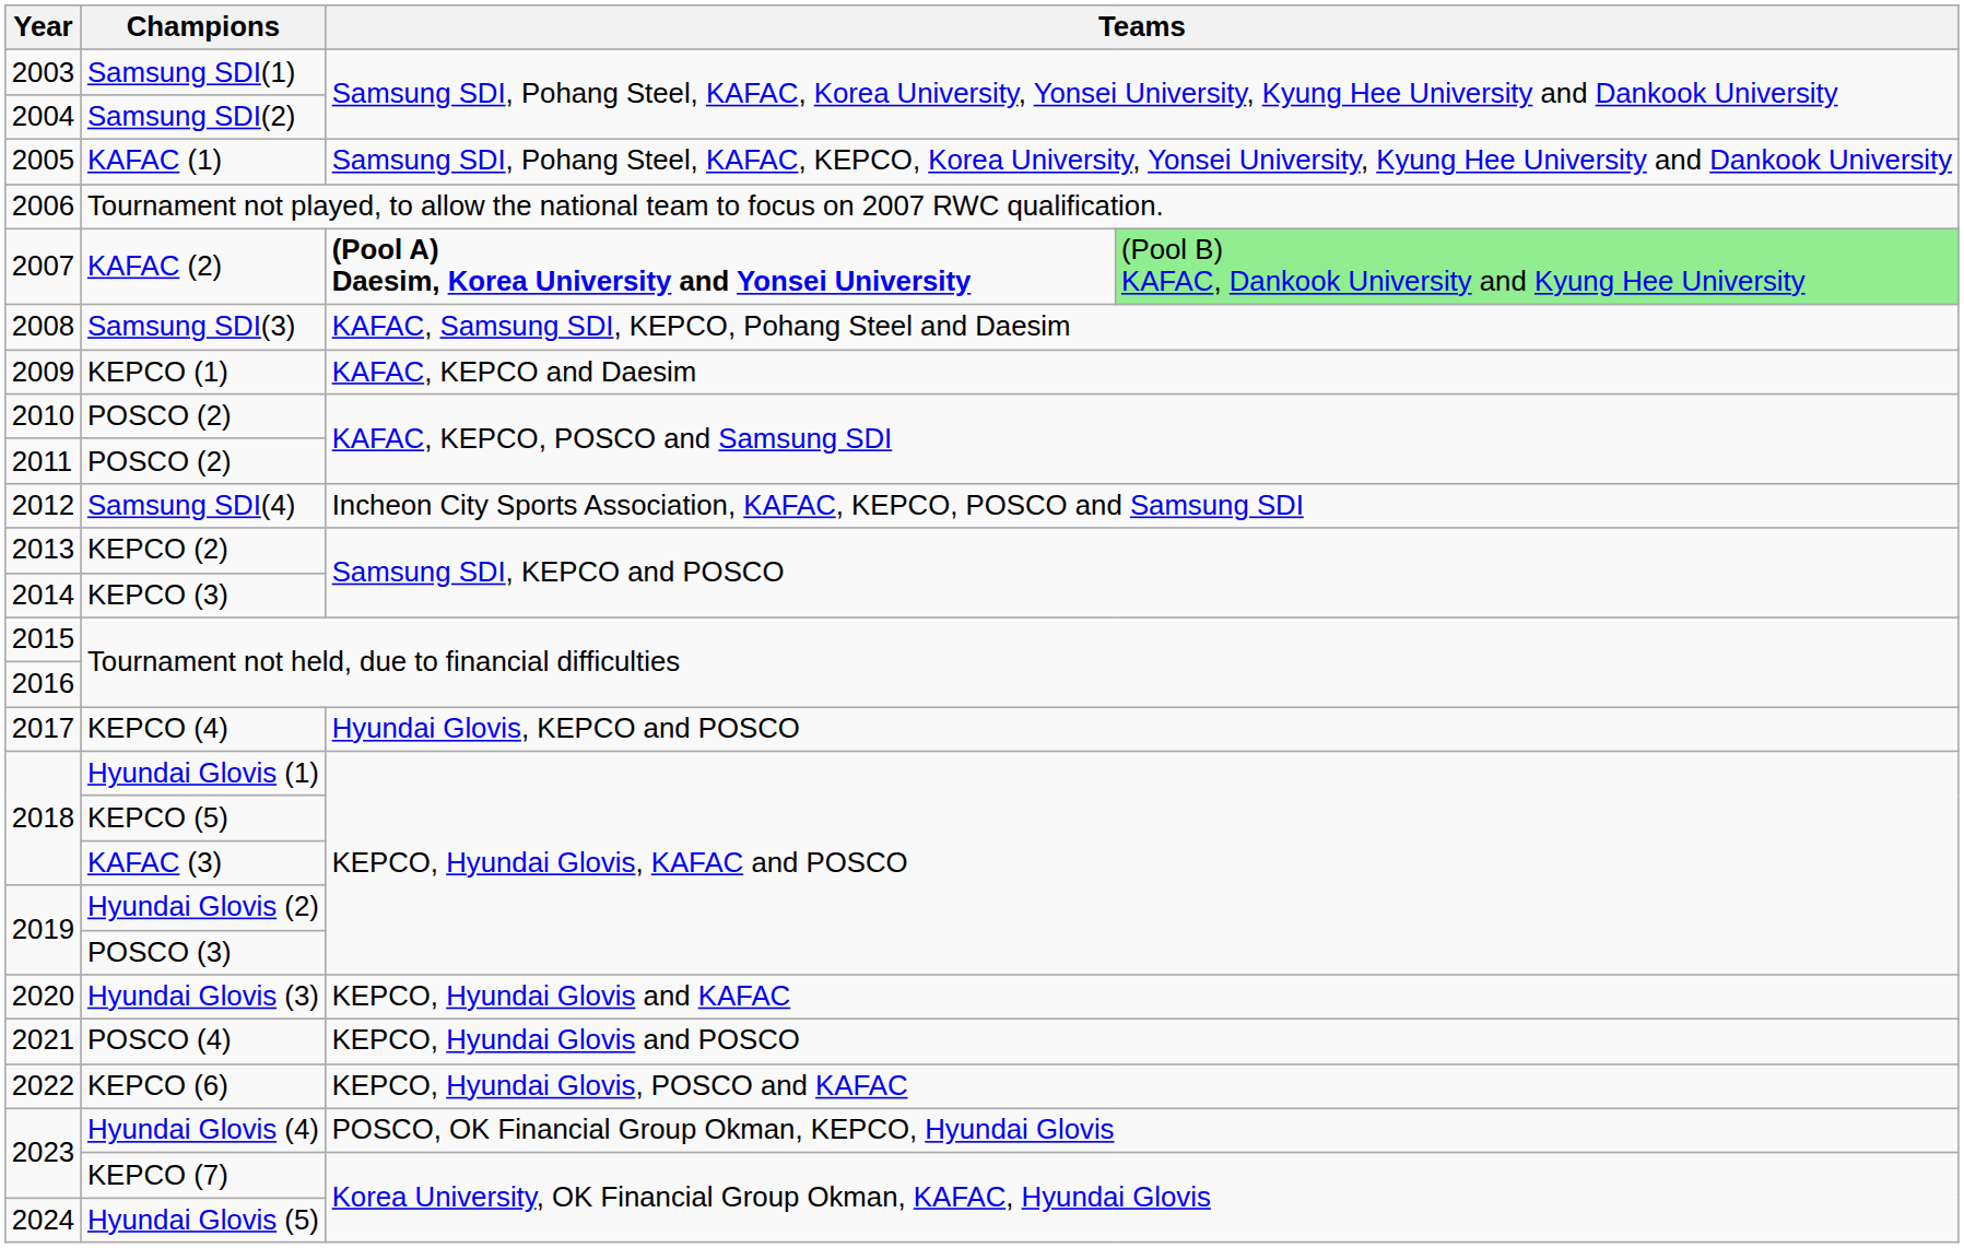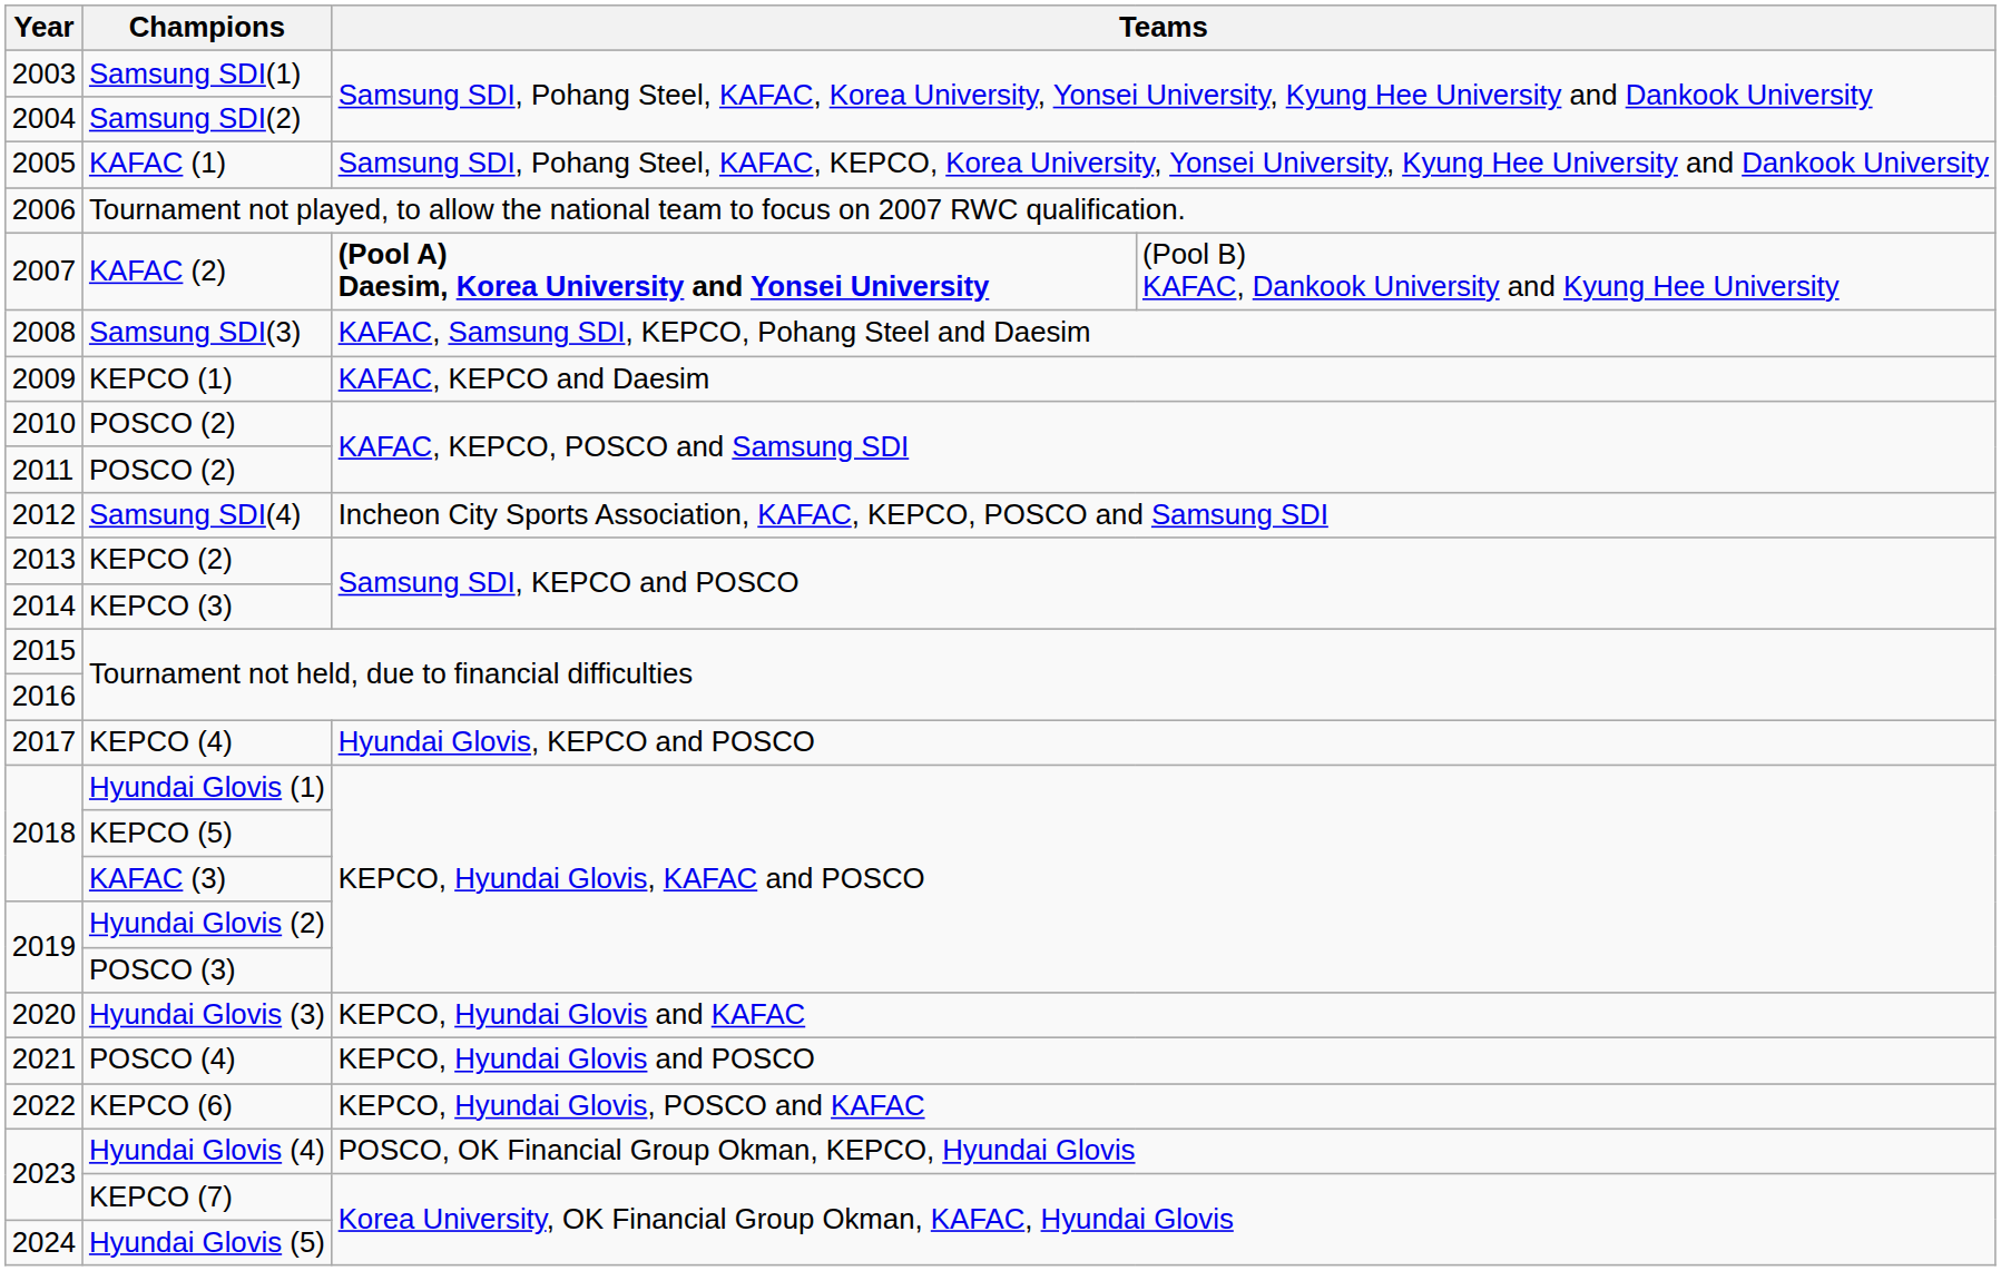 <table class="wikitable">
 <tr>
 <th>Year</th>
 <th>Champions</th>
 <th colspan="2">Teams</th>
 </tr>
 <tr>
 <td>2003</td>
 <td><a href='#'>Samsung SDI</a>(1)</td>
 <td colspan="2" rowspan="2"><a href='#'>Samsung SDI</a>, Pohang Steel, <a href='#'>KAFAC</a>, <a href='#'>Korea University</a>, <a href='#'>Yonsei University</a>, <a href='#'>Kyung Hee University</a> and <a href='#'>Dankook University</a></td>
 </tr>
 <tr>
 <td>2004</td>
 <td><a href='#'>Samsung SDI</a>(2)</td>
 </tr>
 <tr>
 <td>2005</td>
 <td><a href='#'>KAFAC</a> (1)</td>
 <td colspan="2"><a href='#'>Samsung SDI</a>, Pohang Steel, <a href='#'>KAFAC</a>, KEPCO, <a href='#'>Korea University</a>, <a href='#'>Yonsei University</a>, <a href='#'>Kyung Hee University</a> and <a href='#'>Dankook University</a></td>
 </tr>
 <tr>
 <td>2006</td>
 <td colspan="3">Tournament not played, to allow the national team to focus on 2007 RWC qualification.</td>
 </tr>
 <tr>
 <td>2007</td>
 <td><a href='#'>KAFAC</a> (2)</td>
 <td><strong>(Pool A)<br>Daesim, <a href='#'>Korea University</a> and <a href='#'>Yonsei University</a></strong></td>
-<td style="background: lightgreen;">(Pool B)<br><a href='#'>KAFAC</a>, <a href='#'>Dankook University</a> and <a href='#'>Kyung Hee University</a></td>
+<td>(Pool B)<br><a href='#'>KAFAC</a>, <a href='#'>Dankook University</a> and <a href='#'>Kyung Hee University</a></td>
 </tr>
 <tr>
 <td>2008</td>
 <td><a href='#'>Samsung SDI</a>(3)</td>
 <td colspan="2"><a href='#'>KAFAC</a>, <a href='#'>Samsung SDI</a>, KEPCO, Pohang Steel and Daesim</td>
 </tr>
 <tr>
 <td>2009</td>
 <td>KEPCO (1)</td>
 <td colspan="2"><a href='#'>KAFAC</a>, KEPCO and Daesim</td>
 </tr>
 <tr>
 <td>2010</td>
 <td>POSCO (2)</td>
 <td colspan="2" rowspan="2"><a href='#'>KAFAC</a>, KEPCO, POSCO and <a href='#'>Samsung SDI</a></td>
 </tr>
 <tr>
 <td>2011</td>
 <td>POSCO (2)</td>
 </tr>
 <tr>
 <td>2012</td>
 <td><a href='#'>Samsung SDI</a>(4)</td>
 <td colspan="2">Incheon City Sports Association, <a href='#'>KAFAC</a>, KEPCO, POSCO and <a href='#'>Samsung SDI</a></td>
 </tr>
 <tr>
 <td>2013</td>
 <td>KEPCO (2)</td>
 <td colspan="2" rowspan="2"><a href='#'>Samsung SDI</a>, KEPCO and POSCO</td>
 </tr>
 <tr>
 <td>2014</td>
 <td>KEPCO (3)</td>
 </tr>
 <tr>
 <td>2015</td>
 <td colspan="3" rowspan="2">Tournament not held, due to financial difficulties</td>
 </tr>
 <tr>
 <td>2016</td>
 </tr>
 <tr>
 <td>2017</td>
 <td>KEPCO (4)</td>
 <td colspan="2"><a href='#'>Hyundai Glovis</a>, KEPCO and POSCO</td>
 </tr>
 <tr>
 <td rowspan="3">2018</td>
 <td><a href='#'>Hyundai Glovis</a> (1)</td>
 <td colspan="2" rowspan="5">KEPCO, <a href='#'>Hyundai Glovis</a>, <a href='#'>KAFAC</a> and POSCO</td>
 </tr>
 <tr>
 <td>KEPCO (5)</td>
 </tr>
 <tr>
 <td><a href='#'>KAFAC</a> (3)</td>
 </tr>
 <tr>
 <td rowspan="2">2019</td>
 <td><a href='#'>Hyundai Glovis</a> (2)</td>
 </tr>
 <tr>
 <td>POSCO (3)</td>
 </tr>
 <tr>
 <td>2020</td>
 <td><a href='#'>Hyundai Glovis</a> (3)</td>
 <td colspan="2">KEPCO, <a href='#'>Hyundai Glovis</a> and <a href='#'>KAFAC</a></td>
 </tr>
 <tr>
 <td>2021</td>
 <td>POSCO (4)</td>
 <td colspan="2">KEPCO, <a href='#'>Hyundai Glovis</a> and POSCO</td>
 </tr>
 <tr>
 <td>2022</td>
 <td>KEPCO (6)</td>
 <td colspan="2">KEPCO, <a href='#'>Hyundai Glovis</a>, POSCO and <a href='#'>KAFAC</a></td>
 </tr>
 <tr>
 <td rowspan="2">2023</td>
 <td><a href='#'>Hyundai Glovis</a> (4)</td>
 <td colspan="2">POSCO, OK Financial Group Okman, KEPCO, <a href='#'>Hyundai Glovis</a></td>
 </tr>
 <tr>
 <td>KEPCO (7)</td>
 <td colspan="2" rowspan="2"><a href='#'>Korea University</a>, OK Financial Group Okman, <a href='#'>KAFAC</a>, <a href='#'>Hyundai Glovis</a></td>
 </tr>
 <tr>
 <td>2024</td>
 <td><a href='#'>Hyundai Glovis</a> (5)</td>
 </tr>
 </table>
